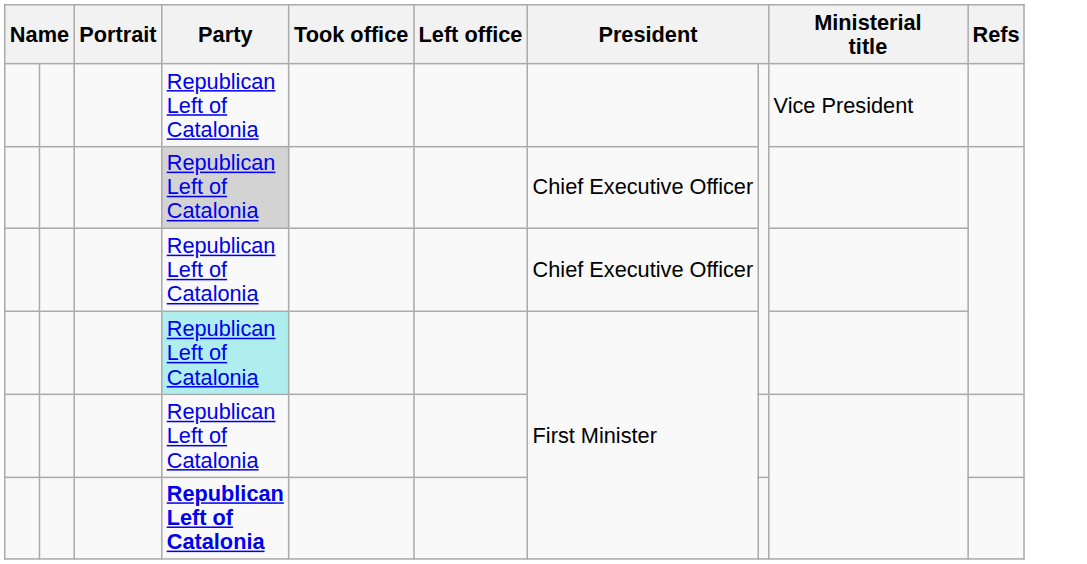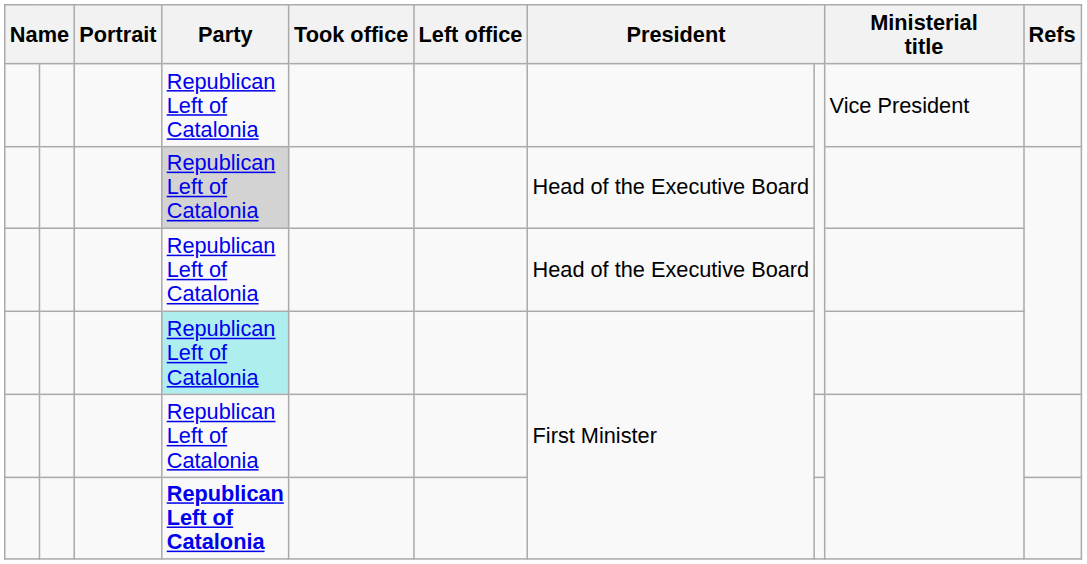 <table class="wikitable plainrowheaders sortable" style="font-size:90%; text-align:left;">
 <tr>
 <th scope=col colspan="2">Name</th>
 <th scope=col class=unsortable>Portrait</th>
 <th scope=col width=50px>Party</th>
 <th scope=col>Took office</th>
 <th scope=col>Left office</th>
 <th scope=col colspan="2">President</th>
 <th width=125px>Ministerial<br>title</th>
 <th scope=col width=25px class=unsortable>Refs</th>
 </tr>
 <tr>
 <td !align="center" style="background:"></td>
 <td></td>
 <td align=center></td>
 <td><a href='#'>Republican Left of Catalonia</a></td>
 <td align=center></td>
 <td align=center></td>
 <td !align="center" style="background:"></td>
 <td rowspan=4></td>
 <td>Vice President</td>
 <td align=center></td>
 </tr>
 <tr>
 <td !align="center" style="background:"></td>
 <td></td>
 <td align=center></td>
 <td style="background: lightgrey;"><a href='#'>Republican Left of Catalonia</a></td>
 <td align=center></td>
 <td align=center></td>
-<td>Chief Executive Officer</td>
+<td>Head of the Executive Board</td>
 <td align=center></td>
 </tr>
 <tr>
 <td !align="center" style="background:"></td>
 <td></td>
 <td align=center></td>
 <td><a href='#'>Republican Left of Catalonia</a></td>
 <td align=center></td>
 <td align=center></td>
-<td>Chief Executive Officer</td>
+<td>Head of the Executive Board</td>
 <td align=center></td>
 </tr>
 <tr>
 <td !align="center" style="background:"></td>
 <td></td>
 <td align=center></td>
 <td style="background: paleturquoise;"><a href='#'>Republican Left of Catalonia</a></td>
 <td align=center></td>
 <td align=center></td>
 <td rowspan=3>First Minister</td>
 <td align=center></td>
 </tr>
 <tr>
 <td !align="center" style="background:"></td>
 <td></td>
 <td align=center></td>
 <td><a href='#'>Republican Left of Catalonia</a></td>
 <td align=center></td>
 <td align=center></td>
 <td !align="center" style="background:"></td>
 <td rowspan=2></td>
 <td align=center></td>
 </tr>
 <tr>
 <td !align="center" style="background:"></td>
 <td></td>
 <td align=center></td>
 <td><strong><a href='#'>Republican Left of Catalonia</a></strong></td>
 <td align=center></td>
 <td align=center></td>
 <td align=center></td>
 </tr>
 </table>
